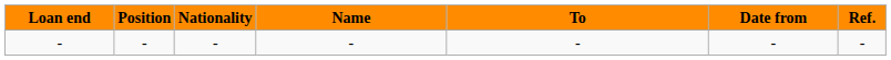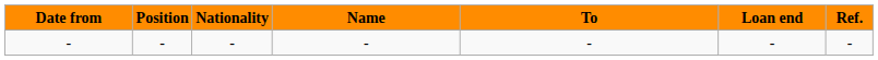 <table class="wikitable"  style="text-align:center; font-size:95%; ">
 <tr>
-<th style="background:#FF8C00; width:100px;">Loan end</th>
+<th style="background:#FF8C00; width:120px;">Date from</th>
 <th style="background:#FF8C00; width:50px;">Position</th>
 <th style="background:#FF8C00; width:50px;">Nationality</th>
 <th style="background:#FF8C00; width:180px;">Name</th>
 <th style="background:#FF8C00; width:250px;">To</th>
-<th style="background:#FF8C00; width:120px;">Date from</th>
+<th style="background:#FF8C00; width:100px;">Loan end</th>
 <th style="background:#FF8C00; width:40px;">Ref.</th>
 </tr>
 <tr>
 <td>-</td>
 <td>-</td>
 <td>-</td>
 <td>-</td>
 <td>-</td>
 <td>-</td>
 <td>-</td>
 </tr>
 </table>
